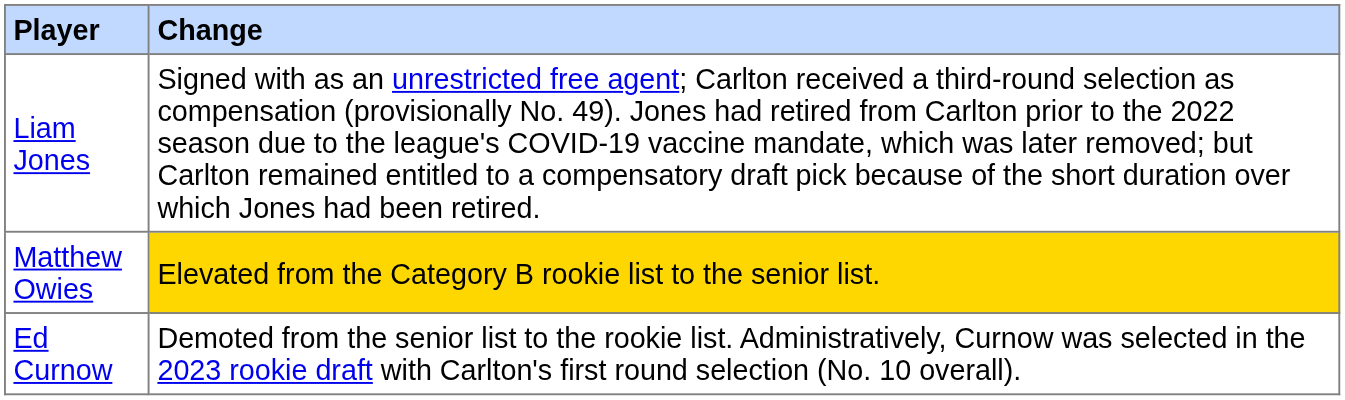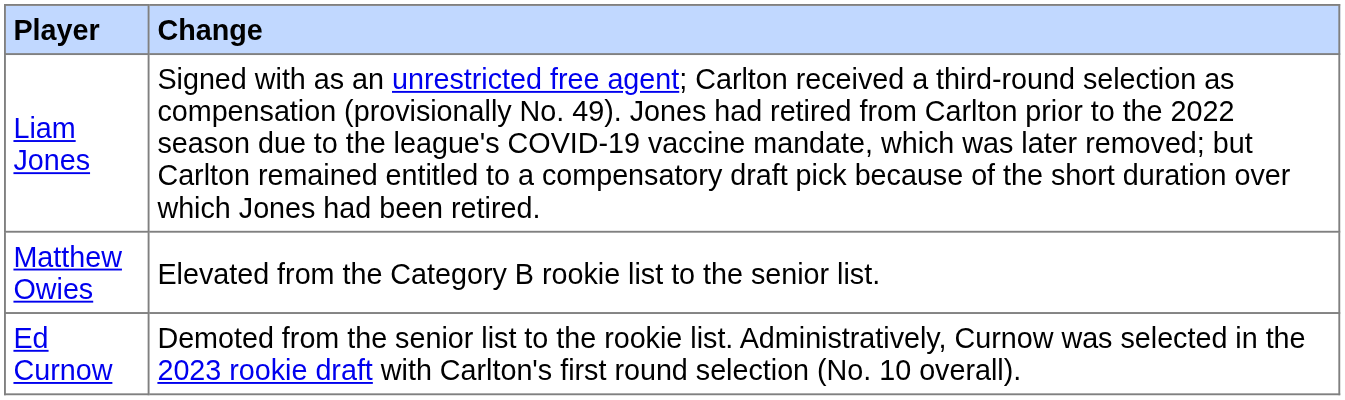 <table border="1" cellpadding="4" cellspacing="0"  style="text-align:left; font-size:95%; border-collapse:collapse; width:80%;">
 <tr style="background:#C1D8FF;">
 <th>Player</th>
 <th>Change</th>
 </tr>
 <tr>
 <td><a href='#'>Liam Jones</a></td>
 <td>Signed with  as an <a href='#'>unrestricted free agent</a>; Carlton received a third-round selection as compensation (provisionally No. 49). Jones had retired from Carlton prior to the 2022 season due to the league's COVID-19 vaccine mandate, which was later removed; but Carlton remained entitled to a compensatory draft pick because of the short duration over which Jones had been retired.</td>
 </tr>
 <tr>
 <td><a href='#'>Matthew Owies</a></td>
-<td style="background: gold;">Elevated from the Category B rookie list to the senior list.</td>
+<td>Elevated from the Category B rookie list to the senior list.</td>
 </tr>
 <tr>
 <td><a href='#'>Ed Curnow</a></td>
 <td>Demoted from the senior list to the rookie list. Administratively, Curnow was selected in the <a href='#'>2023 rookie draft</a> with Carlton's first round selection (No. 10 overall).</td>
 </tr>
 </table>
